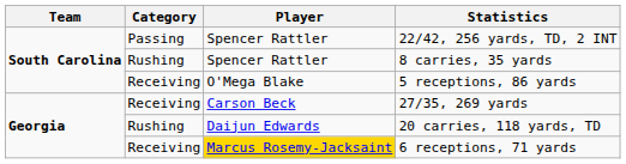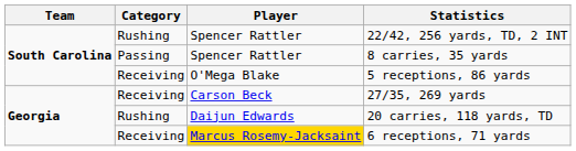 <table class="wikitable" style="float: right;">
 <tr>
 <th>Team</th>
 <th>Category</th>
 <th>Player</th>
 <th>Statistics</th>
 </tr>
 <tr>
 <td rowspan=3><strong>South Carolina</strong></td>
-<td>Passing</td>
+<td>Rushing</td>
 <td>Spencer Rattler</td>
 <td>22/42, 256 yards, TD, 2 INT</td>
 </tr>
 <tr>
-<td>Rushing</td>
+<td>Passing</td>
 <td>Spencer Rattler</td>
 <td>8 carries, 35 yards</td>
 </tr>
 <tr>
 <td>Receiving</td>
 <td>O'Mega Blake</td>
 <td>5 receptions, 86 yards</td>
 </tr>
 <tr>
 <td rowspan=3><strong>Georgia</strong></td>
 <td>Receiving</td>
 <td><a href='#'>Carson Beck</a></td>
 <td>27/35, 269 yards</td>
 </tr>
 <tr>
 <td>Rushing</td>
 <td><a href='#'>Daijun Edwards</a></td>
 <td>20 carries, 118 yards, TD</td>
 </tr>
 <tr>
 <td>Receiving</td>
 <td style="background: gold;"><a href='#'>Marcus Rosemy-Jacksaint</a></td>
 <td>6 receptions, 71 yards</td>
 </tr>
 </table>
